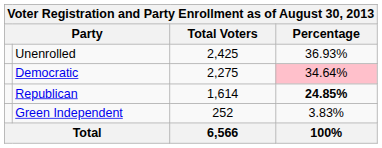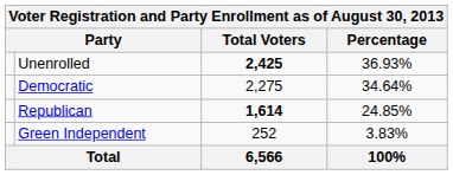 <table class=wikitable>
 <tr>
 <th colspan = 6>Voter Registration and Party Enrollment as of August 30, 2013</th>
 </tr>
 <tr>
 <th colspan = 2>Party</th>
 <th>Total Voters</th>
 <th>Percentage</th>
 </tr>
 <tr>
 <td></td>
 <td>Unenrolled</td>
-<td align = center>2,425</td>
+<td align = center><strong>2,425</strong></td>
 <td align = center>36.93%</td>
 </tr>
 <tr>
 <td></td>
 <td><a href='#'>Democratic</a></td>
 <td align = center>2,275</td>
-<td align = center style="background: pink;">34.64%</td>
+<td align = center>34.64%</td>
 </tr>
 <tr>
 <td></td>
 <td><a href='#'>Republican</a></td>
-<td align = center>1,614</td>
-<td align = center><strong>24.85%</strong></td>
+<td align = center><strong>1,614</strong></td>
+<td align = center>24.85%</td>
 </tr>
 <tr>
 <td></td>
 <td><a href='#'>Green Independent</a></td>
 <td align = center>252</td>
 <td align = center>3.83%</td>
 </tr>
 <tr>
 <th colspan = 2>Total</th>
 <th align = center>6,566</th>
 <th align = center>100%</th>
 </tr>
 </table>
